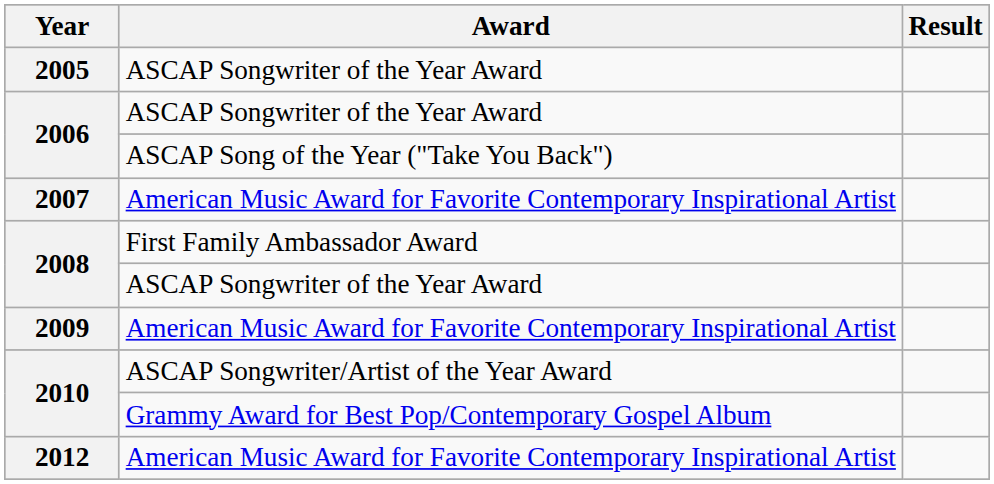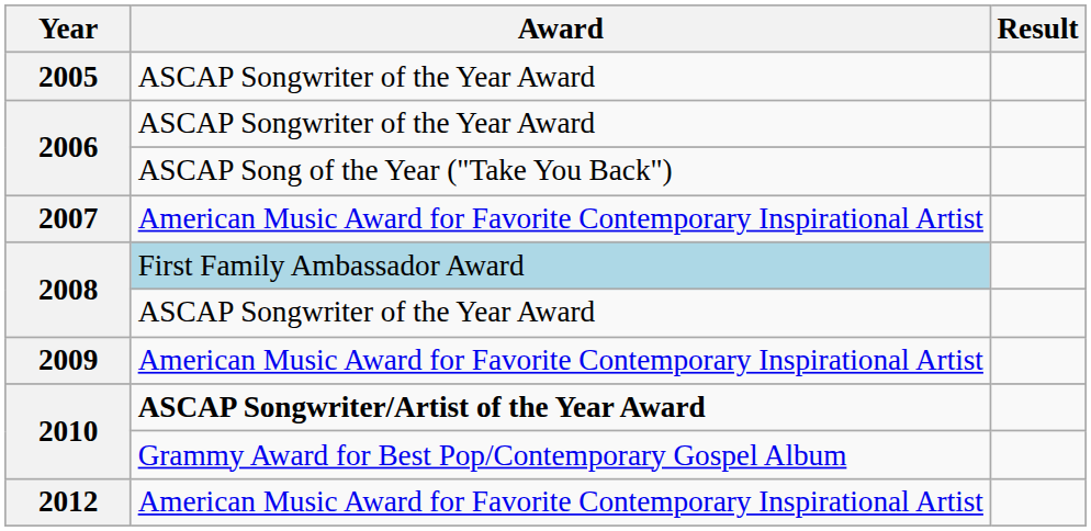 <table class="wikitable">
 <tr>
 <th style="width:60px;">Year</th>
 <th>Award</th>
 <th>Result</th>
 </tr>
 <tr>
 <th>2005</th>
 <td>ASCAP Songwriter of the Year Award</td>
 <td></td>
 </tr>
 <tr>
 <th rowspan="2">2006</th>
 <td>ASCAP Songwriter of the Year Award</td>
 <td></td>
 </tr>
 <tr>
 <td>ASCAP Song of the Year ("Take You Back")</td>
 <td></td>
 </tr>
 <tr>
 <th>2007</th>
 <td><a href='#'>American Music Award for Favorite Contemporary Inspirational Artist</a></td>
 <td></td>
 </tr>
 <tr>
 <th rowspan="2">2008</th>
-<td>First Family Ambassador Award</td>
+<td style="background: lightblue;">First Family Ambassador Award</td>
 <td></td>
 </tr>
 <tr>
 <td>ASCAP Songwriter of the Year Award</td>
 <td></td>
 </tr>
 <tr>
 <th>2009</th>
 <td><a href='#'>American Music Award for Favorite Contemporary Inspirational Artist</a></td>
 <td></td>
 </tr>
 <tr>
 <th rowspan="2">2010</th>
-<td>ASCAP Songwriter/Artist of the Year Award</td>
+<td><strong>ASCAP Songwriter/Artist of the Year Award</strong></td>
 <td></td>
 </tr>
 <tr>
 <td><a href='#'>Grammy Award for Best Pop/Contemporary Gospel Album</a></td>
 <td></td>
 </tr>
 <tr>
 <th>2012</th>
 <td><a href='#'>American Music Award for Favorite Contemporary Inspirational Artist</a></td>
 <td></td>
 </tr>
 </table>
